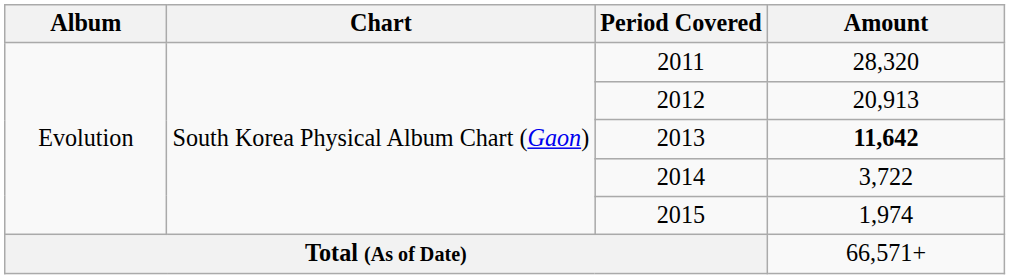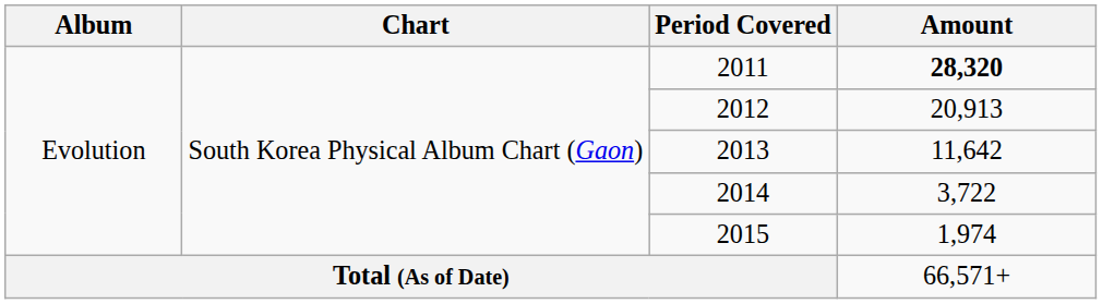 <table class="wikitable">
 <tr>
 <th width='100'>Album</th>
 <th>Chart</th>
 <th>Period Covered</th>
 <th style="width:150px;">Amount</th>
 </tr>
 <tr>
 <td rowspan='5' align="center">Evolution</td>
 <td rowspan='5' align="center">South Korea Physical Album Chart (<em><a href='#'>Gaon</a></em>)</td>
 <td align="center">2011</td>
-<td align="center">28,320</td>
+<td align="center"><strong>28,320</strong></td>
 </tr>
 <tr>
 <td align="center">2012</td>
 <td align="center">20,913</td>
 </tr>
 <tr>
 <td align="center">2013</td>
-<td align="center"><strong>11,642</strong></td>
+<td align="center">11,642</td>
 </tr>
 <tr>
 <td align="center">2014</td>
 <td align="center">3,722</td>
 </tr>
 <tr>
 <td align="center">2015</td>
 <td align="center">1,974</td>
 </tr>
 <tr>
 <th colspan='3'>Total <small>(As of Date)</small></th>
 <td align="center">66,571+</td>
 </tr>
 </table>
